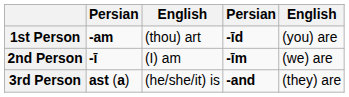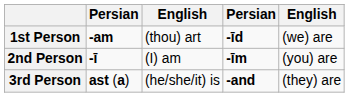 <table class="wikitable">
 <tr>
 <th></th>
 <th>Persian</th>
 <th>English</th>
 <th>Persian</th>
 <th>English</th>
 </tr>
 <tr>
 <th>1st Person</th>
 <td><strong>-am</strong></td>
 <td>(thou) art</td>
 <td><strong>-īd</strong></td>
-<td>(you) are</td>
+<td>(we) are</td>
 </tr>
 <tr>
 <th>2nd Person</th>
 <td><strong>-ī</strong></td>
 <td>(I) am</td>
 <td><strong>-īm</strong></td>
-<td>(we) are</td>
+<td>(you) are</td>
 </tr>
 <tr>
 <th>3rd Person</th>
 <td><strong>ast</strong> (<strong>a</strong>)</td>
 <td>(he/she/it) is</td>
 <td><strong>-and</strong></td>
 <td>(they) are</td>
 </tr>
 </table>
